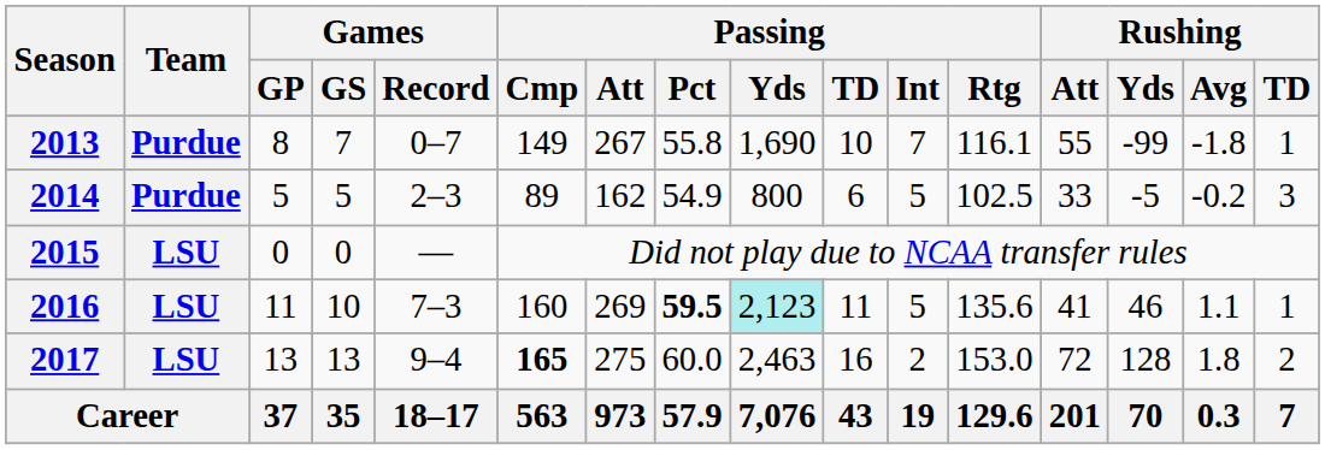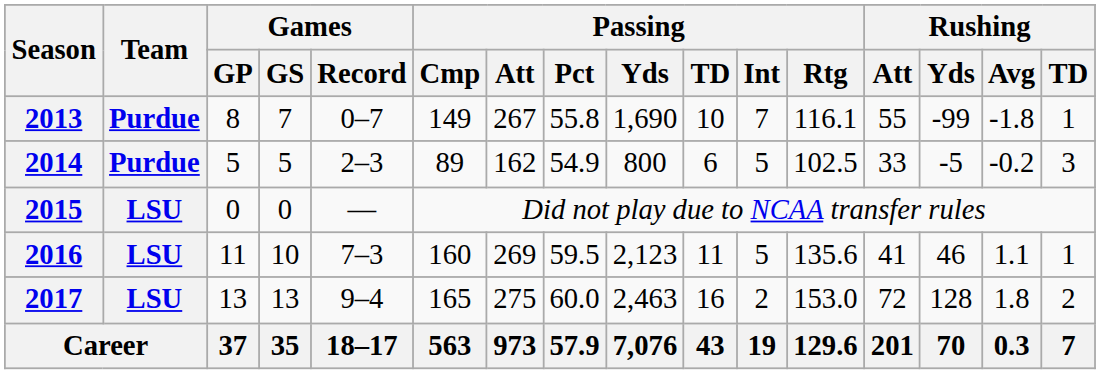 <table class=wikitable style="text-align:center;">
 <tr>
 <th rowspan="2">Season</th>
 <th rowspan="2">Team</th>
 <th colspan="3">Games</th>
 <th colspan="7">Passing</th>
 <th colspan="4">Rushing</th>
 </tr>
 <tr>
 <th>GP</th>
 <th>GS</th>
 <th>Record</th>
 <th>Cmp</th>
 <th>Att</th>
 <th>Pct</th>
 <th>Yds</th>
 <th>TD</th>
 <th>Int</th>
 <th>Rtg</th>
 <th>Att</th>
 <th>Yds</th>
 <th>Avg</th>
 <th>TD</th>
 </tr>
 <tr>
 <th><a href='#'>2013</a></th>
 <th><a href='#'>Purdue</a></th>
 <td>8</td>
 <td>7</td>
 <td>0–7</td>
 <td>149</td>
 <td>267</td>
 <td>55.8</td>
 <td>1,690</td>
 <td>10</td>
 <td>7</td>
 <td>116.1</td>
 <td>55</td>
 <td>-99</td>
 <td>-1.8</td>
 <td>1</td>
 </tr>
 <tr>
 <th><a href='#'>2014</a></th>
 <th><a href='#'>Purdue</a></th>
 <td>5</td>
 <td>5</td>
 <td>2–3</td>
 <td>89</td>
 <td>162</td>
 <td>54.9</td>
 <td>800</td>
 <td>6</td>
 <td>5</td>
 <td>102.5</td>
 <td>33</td>
 <td>-5</td>
 <td>-0.2</td>
 <td>3</td>
 </tr>
 <tr>
 <th><a href='#'>2015</a></th>
 <th><a href='#'>LSU</a></th>
 <td>0</td>
 <td>0</td>
 <td>—</td>
 <td colspan="11"><em>Did not play due to <a href='#'>NCAA</a> transfer rules</em></td>
 </tr>
 <tr>
 <th><a href='#'>2016</a></th>
 <th><a href='#'>LSU</a></th>
 <td>11</td>
 <td>10</td>
 <td>7–3</td>
 <td>160</td>
 <td>269</td>
-<td><strong>59.5</strong></td>
-<td style="background: paleturquoise;">2,123</td>
+<td>59.5</td>
+<td>2,123</td>
 <td>11</td>
 <td>5</td>
 <td>135.6</td>
 <td>41</td>
 <td>46</td>
 <td>1.1</td>
 <td>1</td>
 </tr>
 <tr>
 <th><a href='#'>2017</a></th>
 <th><a href='#'>LSU</a></th>
 <td>13</td>
 <td>13</td>
 <td>9–4</td>
-<td><strong>165</strong></td>
+<td>165</td>
 <td>275</td>
 <td>60.0</td>
 <td>2,463</td>
 <td>16</td>
 <td>2</td>
 <td>153.0</td>
 <td>72</td>
 <td>128</td>
 <td>1.8</td>
 <td>2</td>
 </tr>
 <tr>
 <th colspan="2">Career</th>
 <th>37</th>
 <th>35</th>
 <th>18–17</th>
 <th>563</th>
 <th>973</th>
 <th>57.9</th>
 <th>7,076</th>
 <th>43</th>
 <th>19</th>
 <th>129.6</th>
 <th>201</th>
 <th>70</th>
 <th>0.3</th>
 <th>7</th>
 </tr>
 </table>
